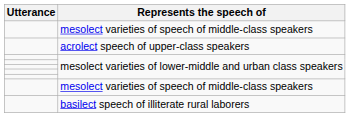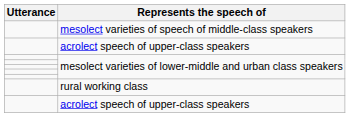 <table class="wikitable">
 <tr>
 <th>Utterance</th>
 <th>Represents the speech of</th>
 </tr>
 <tr>
 <td></td>
 <td><a href='#'>mesolect</a> varieties of speech of middle-class speakers</td>
 </tr>
 <tr>
 <td></td>
 <td><a href='#'>acrolect</a> speech of upper-class speakers</td>
 </tr>
 <tr>
 <td></td>
 <td rowspan=5>mesolect varieties of lower-middle and urban class speakers</td>
 </tr>
 <tr>
 <td></td>
 </tr>
 <tr>
 <td></td>
 </tr>
 <tr>
 <td></td>
 </tr>
 <tr>
 <td></td>
 </tr>
 <tr>
 <td></td>
-<td><a href='#'>mesolect</a> varieties of speech of middle-class speakers</td>
+<td>rural working class</td>
 </tr>
 <tr>
 <td></td>
-<td><a href='#'>basilect</a> speech of illiterate rural laborers</td>
+<td><a href='#'>acrolect</a> speech of upper-class speakers</td>
 </tr>
 </table>
